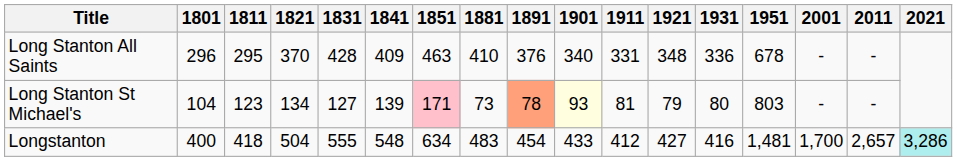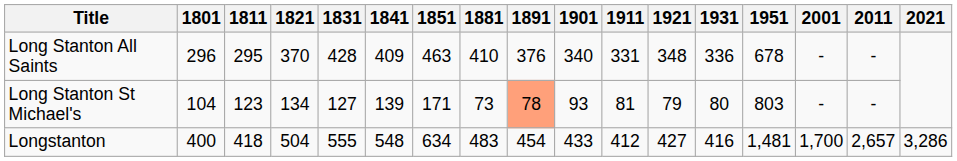 <table class="wikitable" style="text-align:center;">
 <tr>
 <th width="150">Title<br></th>
 <th width="30">1801<br></th>
 <th width="30">1811<br></th>
 <th width="30">1821<br></th>
 <th width="30">1831<br></th>
 <th width="30">1841<br></th>
 <th width="30">1851<br></th>
 <th width="30">1881<br></th>
 <th width="30">1891<br></th>
 <th width="30">1901<br></th>
 <th width="30">1911<br></th>
 <th width="30">1921<br></th>
 <th width="30">1931<br></th>
 <th width="30">1951<br></th>
 <th width="30">2001<br></th>
 <th width="30">2011 <br></th>
 <th width="30">2021 <br></th>
 </tr>
 <tr>
 <td align=left>Long Stanton All Saints</td>
 <td align="center">296</td>
 <td align="center">295</td>
 <td align="center">370</td>
 <td align="center">428</td>
 <td align="center">409</td>
 <td align="center">463</td>
 <td align="center">410</td>
 <td align="center">376</td>
 <td align="center">340</td>
 <td align="center">331</td>
 <td align="center">348</td>
 <td align="center">336</td>
 <td align="center">678</td>
 <td align="center">-</td>
 <td align="center">-</td>
 </tr>
 <tr>
 <td align=left>Long Stanton St Michael's</td>
 <td align="center">104</td>
 <td align="center">123</td>
 <td align="center">134</td>
 <td align="center">127</td>
 <td align="center">139</td>
-<td align="center" style="background: pink;">171</td>
+<td align="center">171</td>
 <td align="center">73</td>
 <td align="center" style="background: lightsalmon;">78</td>
-<td align="center" style="background: lightyellow;">93</td>
+<td align="center">93</td>
 <td align="center">81</td>
 <td align="center">79</td>
 <td align="center">80</td>
 <td align="center">803</td>
 <td align="center">-</td>
 <td align="center">-</td>
 </tr>
 <tr>
 <td align=left>Longstanton</td>
 <td align="center">400</td>
 <td align="center">418</td>
 <td align="center">504</td>
 <td align="center">555</td>
 <td align="center">548</td>
 <td align="center">634</td>
 <td align="center">483</td>
 <td align="center">454</td>
 <td align="center">433</td>
 <td align="center">412</td>
 <td align="center">427</td>
 <td align="center">416</td>
 <td align="center">1,481</td>
 <td align="center">1,700</td>
 <td align="center">2,657</td>
-<td align="center" style="background: paleturquoise;">3,286</td>
+<td align="center">3,286</td>
 </tr>
 </table>
